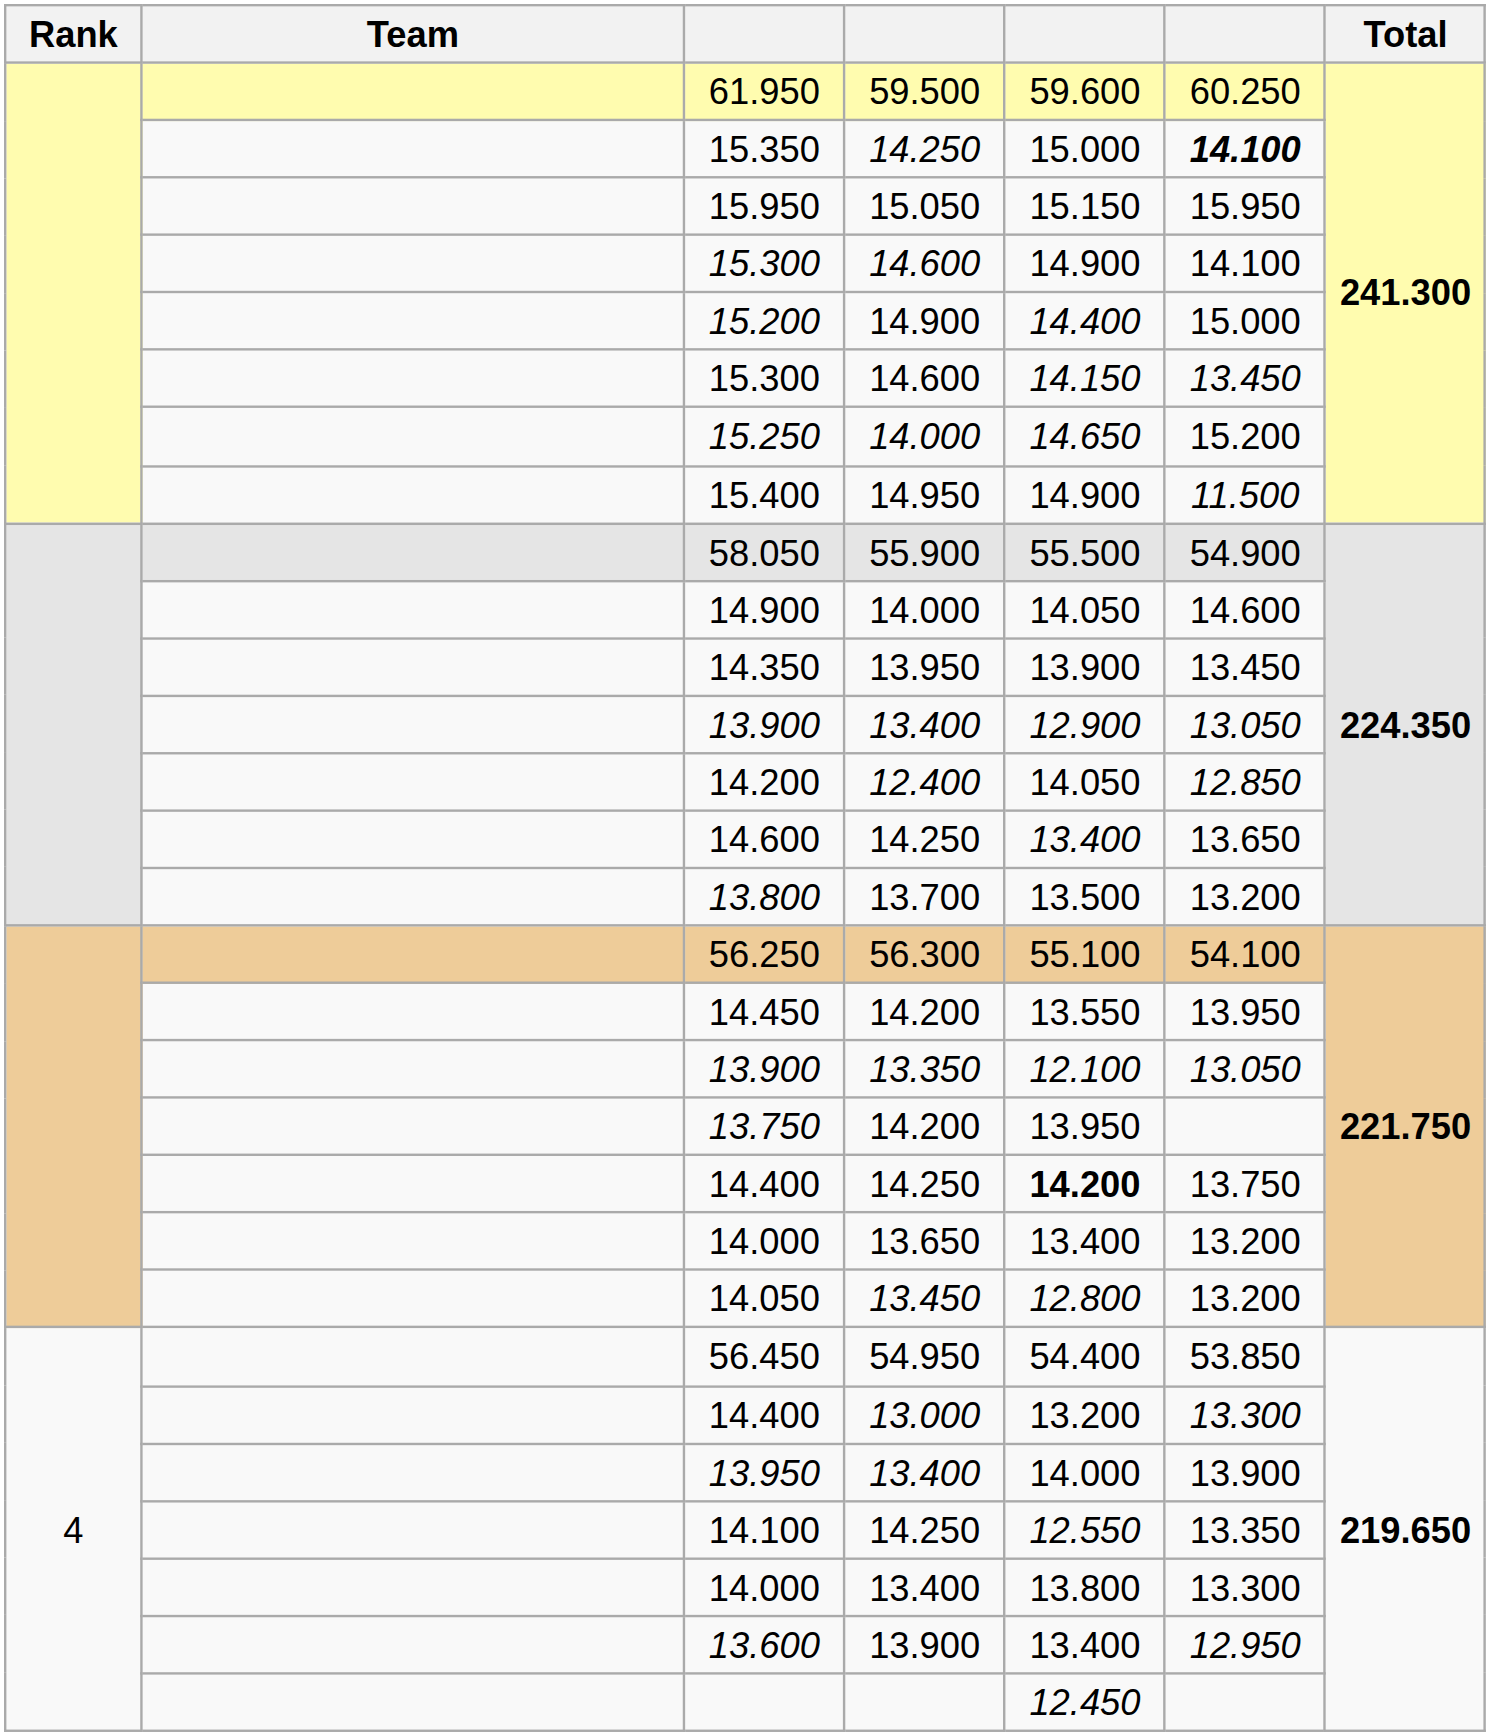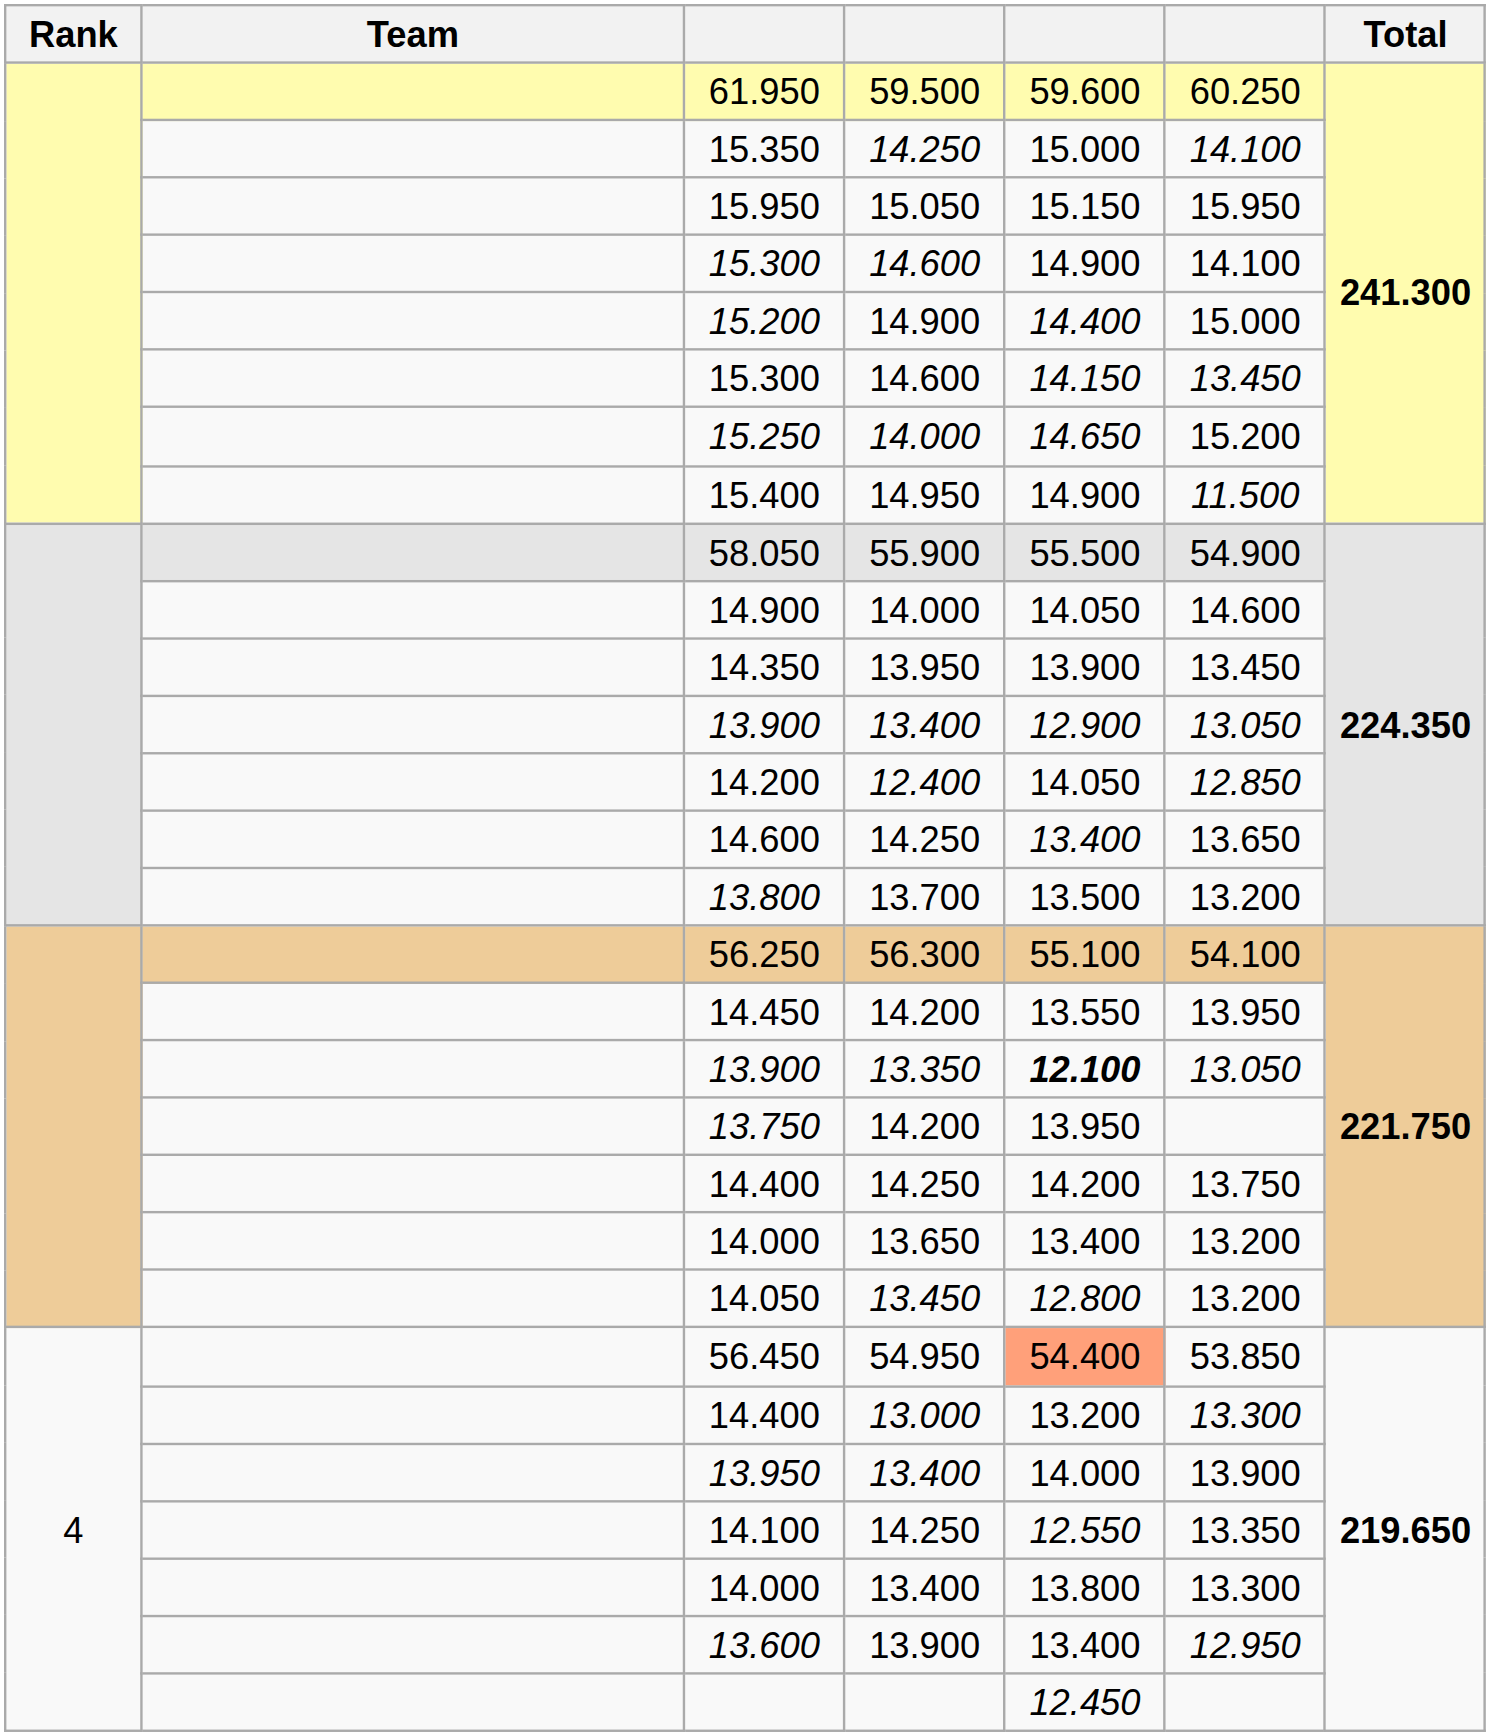 <table class="wikitable" style="text-align:center; font-size:95%">
 <tr>
 <th scope="col" style="width:50px;">Rank</th>
 <th scope="col" style="width:220px;">Team</th>
 <th scope="col" style="width:60px;"></th>
 <th scope="col" style="width:60px;"></th>
 <th scope="col" style="width:60px;"></th>
 <th scope="col" style="width:60px;"></th>
 <th scope="col" style="width:60px;">Total</th>
 </tr>
 <tr style="background:#fffcaf;">
 <td rowspan=8></td>
 <td style="text-align:left;"><strong></strong></td>
 <td>61.950</td>
 <td>59.500</td>
 <td>59.600</td>
 <td>60.250</td>
 <td rowspan=8><strong>241.300</strong></td>
 </tr>
 <tr>
 <td style="text-align:left;"></td>
 <td>15.350</td>
 <td><em>14.250</em></td>
 <td>15.000</td>
-<td><strong><em>14.100</em></strong></td>
+<td><em>14.100</em></td>
 </tr>
 <tr>
 <td style="text-align:left;"></td>
 <td>15.950</td>
 <td>15.050</td>
 <td>15.150</td>
 <td>15.950</td>
 </tr>
 <tr>
 <td style="text-align:left;"></td>
 <td><em>15.300</em></td>
 <td><em>14.600</em></td>
 <td>14.900</td>
 <td>14.100</td>
 </tr>
 <tr>
 <td style="text-align:left;"></td>
 <td><em>15.200</em></td>
 <td>14.900</td>
 <td><em>14.400</em></td>
 <td>15.000</td>
 </tr>
 <tr>
 <td style="text-align:left;"></td>
 <td>15.300</td>
 <td>14.600</td>
 <td><em>14.150</em></td>
 <td><em>13.450</em></td>
 </tr>
 <tr>
 <td style="text-align:left;"></td>
 <td><em>15.250</em></td>
 <td><em>14.000</em></td>
 <td><em>14.650</em></td>
 <td>15.200</td>
 </tr>
 <tr>
 <td style="text-align:left;"></td>
 <td>15.400</td>
 <td>14.950</td>
 <td>14.900</td>
 <td><em>11.500</em></td>
 </tr>
 <tr style="background:#e5e5e5;">
 <td rowspan=7></td>
 <td style="text-align:left;"><strong></strong></td>
 <td>58.050</td>
 <td>55.900</td>
 <td>55.500</td>
 <td>54.900</td>
 <td rowspan=7><strong>224.350</strong></td>
 </tr>
 <tr>
 <td style="text-align:left;"></td>
 <td>14.900</td>
 <td>14.000</td>
 <td>14.050</td>
 <td>14.600</td>
 </tr>
 <tr>
 <td style="text-align:left;"></td>
 <td>14.350</td>
 <td>13.950</td>
 <td>13.900</td>
 <td>13.450</td>
 </tr>
 <tr>
 <td style="text-align:left;"></td>
 <td><em>13.900</em></td>
 <td><em>13.400</em></td>
 <td><em>12.900</em></td>
 <td><em>13.050</em></td>
 </tr>
 <tr>
 <td style="text-align:left;"></td>
 <td>14.200</td>
 <td><em>12.400</em></td>
 <td>14.050</td>
 <td><em>12.850</em></td>
 </tr>
 <tr>
 <td style="text-align:left;"></td>
 <td>14.600</td>
 <td>14.250</td>
 <td><em>13.400</em></td>
 <td>13.650</td>
 </tr>
 <tr>
 <td style="text-align:left;"></td>
 <td><em>13.800</em></td>
 <td>13.700</td>
 <td>13.500</td>
 <td>13.200</td>
 </tr>
 <tr style="background:#ec9;">
 <td rowspan=7></td>
 <td style="text-align:left;"><strong></strong></td>
 <td>56.250</td>
 <td>56.300</td>
 <td>55.100</td>
 <td>54.100</td>
 <td rowspan=7><strong>221.750</strong></td>
 </tr>
 <tr>
 <td style="text-align:left;"></td>
 <td>14.450</td>
 <td>14.200</td>
 <td>13.550</td>
 <td>13.950</td>
 </tr>
 <tr>
 <td style="text-align:left;"></td>
 <td><em>13.900</em></td>
 <td><em>13.350</em></td>
-<td><em>12.100</em></td>
+<td><strong><em>12.100</em></strong></td>
 <td><em>13.050</em></td>
 </tr>
 <tr>
 <td style="text-align:left;"></td>
 <td><em>13.750</em></td>
 <td>14.200</td>
 <td>13.950</td>
 <td></td>
 </tr>
 <tr>
 <td style="text-align:left;"></td>
 <td>14.400</td>
 <td>14.250</td>
-<td><strong>14.200</strong></td>
+<td>14.200</td>
 <td>13.750</td>
 </tr>
 <tr>
 <td style="text-align:left;"></td>
 <td>14.000</td>
 <td>13.650</td>
 <td>13.400</td>
 <td>13.200</td>
 </tr>
 <tr>
 <td style="text-align:left;"></td>
 <td>14.050</td>
 <td><em>13.450</em></td>
 <td><em>12.800</em></td>
 <td>13.200</td>
 </tr>
 <tr>
 <td rowspan=7>4</td>
 <td style="text-align:left;"><strong></strong></td>
 <td>56.450</td>
 <td>54.950</td>
-<td>54.400</td>
+<td style="background: lightsalmon;">54.400</td>
 <td>53.850</td>
 <td rowspan=7><strong>219.650</strong></td>
 </tr>
 <tr>
 <td style="text-align:left;"></td>
 <td>14.400</td>
 <td><em>13.000</em></td>
 <td>13.200</td>
 <td><em>13.300</em></td>
 </tr>
 <tr>
 <td style="text-align:left;"></td>
 <td><em>13.950</em></td>
 <td><em>13.400</em></td>
 <td>14.000</td>
 <td>13.900</td>
 </tr>
 <tr>
 <td style="text-align:left;"></td>
 <td>14.100</td>
 <td>14.250</td>
 <td><em>12.550</em></td>
 <td>13.350</td>
 </tr>
 <tr>
 <td style="text-align:left;"></td>
 <td>14.000</td>
 <td>13.400</td>
 <td>13.800</td>
 <td>13.300</td>
 </tr>
 <tr>
 <td style="text-align:left;"></td>
 <td><em>13.600</em></td>
 <td>13.900</td>
 <td>13.400</td>
 <td><em>12.950</em></td>
 </tr>
 <tr>
 <td style="text-align:left;"></td>
 <td></td>
 <td></td>
 <td><em>12.450</em></td>
 <td></td>
 </tr>
 </table>
